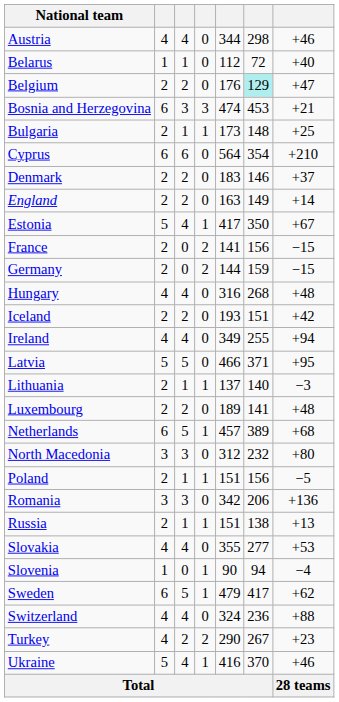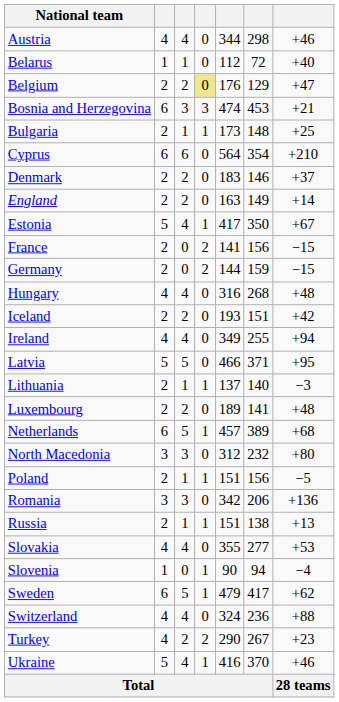 <table class="wikitable sortable" style="text-align: center;">
 <tr>
 <th>National team</th>
 <th width="15"></th>
 <th width="15"></th>
 <th width="15"></th>
 <th></th>
 <th></th>
 <th></th>
 </tr>
 <tr>
 <td align="left"> <a href='#'>Austria</a></td>
 <td>4</td>
 <td>4</td>
 <td>0</td>
 <td>344</td>
 <td>298</td>
 <td>+46</td>
 </tr>
 <tr>
 <td align="left"> <a href='#'>Belarus</a></td>
 <td>1</td>
 <td>1</td>
 <td>0</td>
 <td>112</td>
 <td>72</td>
 <td>+40</td>
 </tr>
 <tr>
 <td align="left"> <a href='#'>Belgium</a></td>
 <td>2</td>
 <td>2</td>
-<td>0</td>
+<td style="background: khaki;">0</td>
 <td>176</td>
-<td style="background: paleturquoise;">129</td>
+<td>129</td>
 <td>+47</td>
 </tr>
 <tr>
 <td align="left"> <a href='#'>Bosnia and Herzegovina</a></td>
 <td>6</td>
 <td>3</td>
 <td>3</td>
 <td>474</td>
 <td>453</td>
 <td>+21</td>
 </tr>
 <tr>
 <td align="left"> <a href='#'>Bulgaria</a></td>
 <td>2</td>
 <td>1</td>
 <td>1</td>
 <td>173</td>
 <td>148</td>
 <td>+25</td>
 </tr>
 <tr>
 <td align="left"> <a href='#'>Cyprus</a></td>
 <td>6</td>
 <td>6</td>
 <td>0</td>
 <td>564</td>
 <td>354</td>
 <td>+210</td>
 </tr>
 <tr>
 <td align="left"> <a href='#'>Denmark</a></td>
 <td>2</td>
 <td>2</td>
 <td>0</td>
 <td>183</td>
 <td>146</td>
 <td>+37</td>
 </tr>
 <tr>
 <td align="left"> <em><a href='#'>England</a></em></td>
 <td>2</td>
 <td>2</td>
 <td>0</td>
 <td>163</td>
 <td>149</td>
 <td>+14</td>
 </tr>
 <tr>
 <td align="left"> <a href='#'>Estonia</a></td>
 <td>5</td>
 <td>4</td>
 <td>1</td>
 <td>417</td>
 <td>350</td>
 <td>+67</td>
 </tr>
 <tr>
 <td align="left"> <a href='#'>France</a></td>
 <td>2</td>
 <td>0</td>
 <td>2</td>
 <td>141</td>
 <td>156</td>
 <td>−15</td>
 </tr>
 <tr>
 <td align="left"> <a href='#'>Germany</a></td>
 <td>2</td>
 <td>0</td>
 <td>2</td>
 <td>144</td>
 <td>159</td>
 <td>−15</td>
 </tr>
 <tr>
 <td align="left"> <a href='#'>Hungary</a></td>
 <td>4</td>
 <td>4</td>
 <td>0</td>
 <td>316</td>
 <td>268</td>
 <td>+48</td>
 </tr>
 <tr>
 <td align="left"> <a href='#'>Iceland</a></td>
 <td>2</td>
 <td>2</td>
 <td>0</td>
 <td>193</td>
 <td>151</td>
 <td>+42</td>
 </tr>
 <tr>
 <td align="left"> <a href='#'>Ireland</a></td>
 <td>4</td>
 <td>4</td>
 <td>0</td>
 <td>349</td>
 <td>255</td>
 <td>+94</td>
 </tr>
 <tr>
 <td align="left"> <a href='#'>Latvia</a></td>
 <td>5</td>
 <td>5</td>
 <td>0</td>
 <td>466</td>
 <td>371</td>
 <td>+95</td>
 </tr>
 <tr>
 <td align="left"> <a href='#'>Lithuania</a></td>
 <td>2</td>
 <td>1</td>
 <td>1</td>
 <td>137</td>
 <td>140</td>
 <td>−3</td>
 </tr>
 <tr>
 <td align="left"> <a href='#'>Luxembourg</a></td>
 <td>2</td>
 <td>2</td>
 <td>0</td>
 <td>189</td>
 <td>141</td>
 <td>+48</td>
 </tr>
 <tr>
 <td align="left"> <a href='#'>Netherlands</a></td>
 <td>6</td>
 <td>5</td>
 <td>1</td>
 <td>457</td>
 <td>389</td>
 <td>+68</td>
 </tr>
 <tr>
 <td align="left"> <a href='#'>North Macedonia</a></td>
 <td>3</td>
 <td>3</td>
 <td>0</td>
 <td>312</td>
 <td>232</td>
 <td>+80</td>
 </tr>
 <tr>
 <td align="left"> <a href='#'>Poland</a></td>
 <td>2</td>
 <td>1</td>
 <td>1</td>
 <td>151</td>
 <td>156</td>
 <td>−5</td>
 </tr>
 <tr>
 <td align="left"> <a href='#'>Romania</a></td>
 <td>3</td>
 <td>3</td>
 <td>0</td>
 <td>342</td>
 <td>206</td>
 <td>+136</td>
 </tr>
 <tr>
 <td align="left"> <a href='#'>Russia</a></td>
 <td>2</td>
 <td>1</td>
 <td>1</td>
 <td>151</td>
 <td>138</td>
 <td>+13</td>
 </tr>
 <tr>
 <td align="left"> <a href='#'>Slovakia</a></td>
 <td>4</td>
 <td>4</td>
 <td>0</td>
 <td>355</td>
 <td>277</td>
 <td>+53</td>
 </tr>
 <tr>
 <td align="left"> <a href='#'>Slovenia</a></td>
 <td>1</td>
 <td>0</td>
 <td>1</td>
 <td>90</td>
 <td>94</td>
 <td>−4</td>
 </tr>
 <tr>
 <td align="left"> <a href='#'>Sweden</a></td>
 <td>6</td>
 <td>5</td>
 <td>1</td>
 <td>479</td>
 <td>417</td>
 <td>+62</td>
 </tr>
 <tr>
 <td align="left"> <a href='#'>Switzerland</a></td>
 <td>4</td>
 <td>4</td>
 <td>0</td>
 <td>324</td>
 <td>236</td>
 <td>+88</td>
 </tr>
 <tr>
 <td align="left"> <a href='#'>Turkey</a></td>
 <td>4</td>
 <td>2</td>
 <td>2</td>
 <td>290</td>
 <td>267</td>
 <td>+23</td>
 </tr>
 <tr>
 <td align="left"> <a href='#'>Ukraine</a></td>
 <td>5</td>
 <td>4</td>
 <td>1</td>
 <td>416</td>
 <td>370</td>
 <td>+46</td>
 </tr>
 <tr>
 <th colspan=6>Total</th>
 <th>28 teams</th>
 </tr>
 </table>
